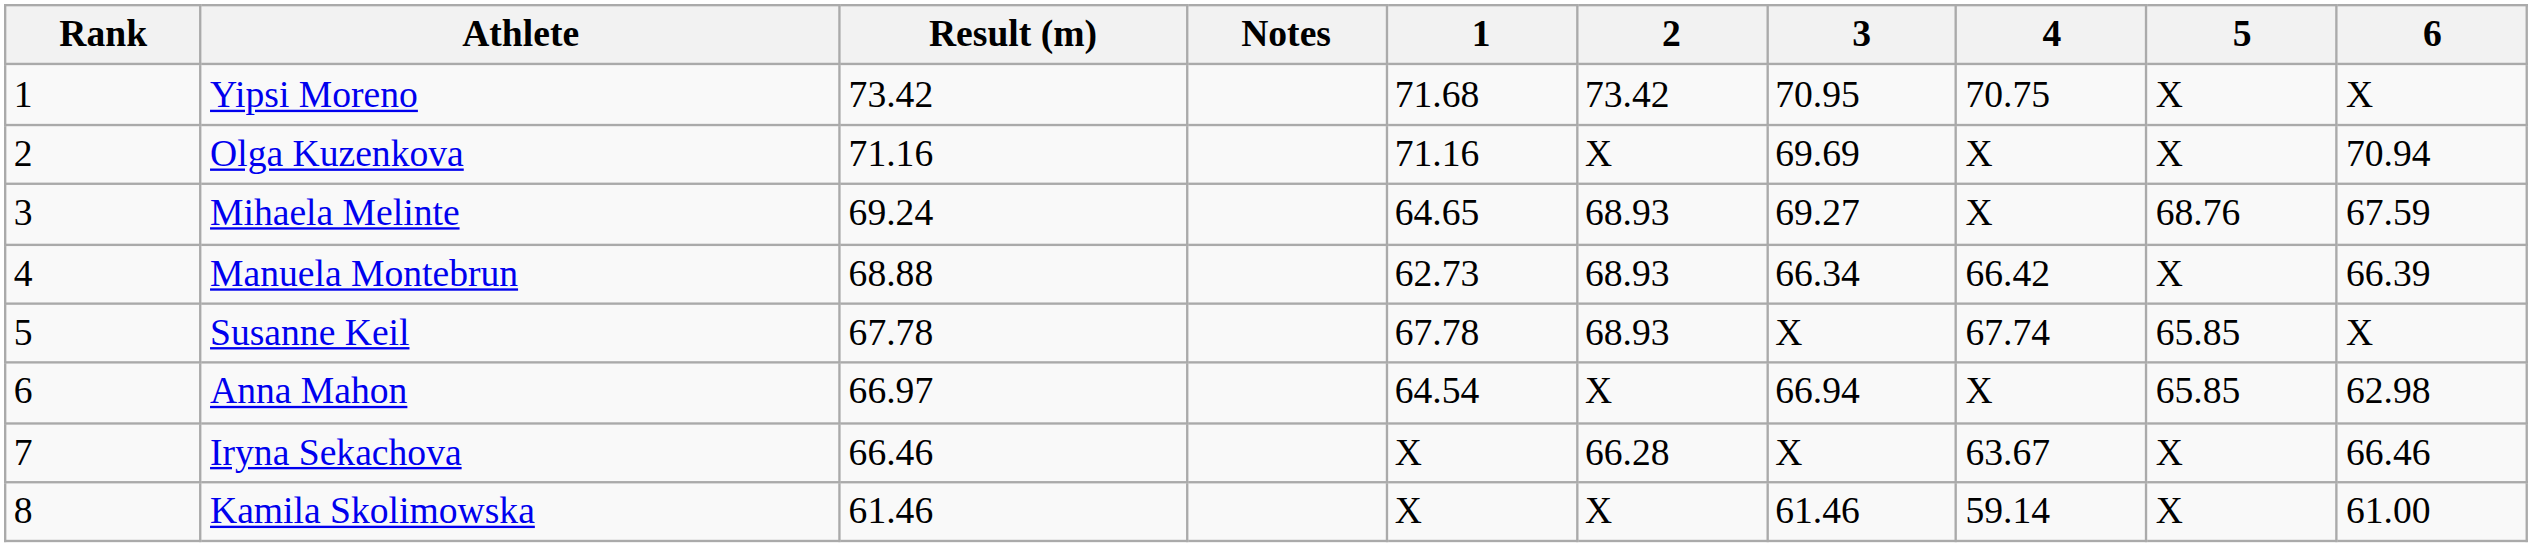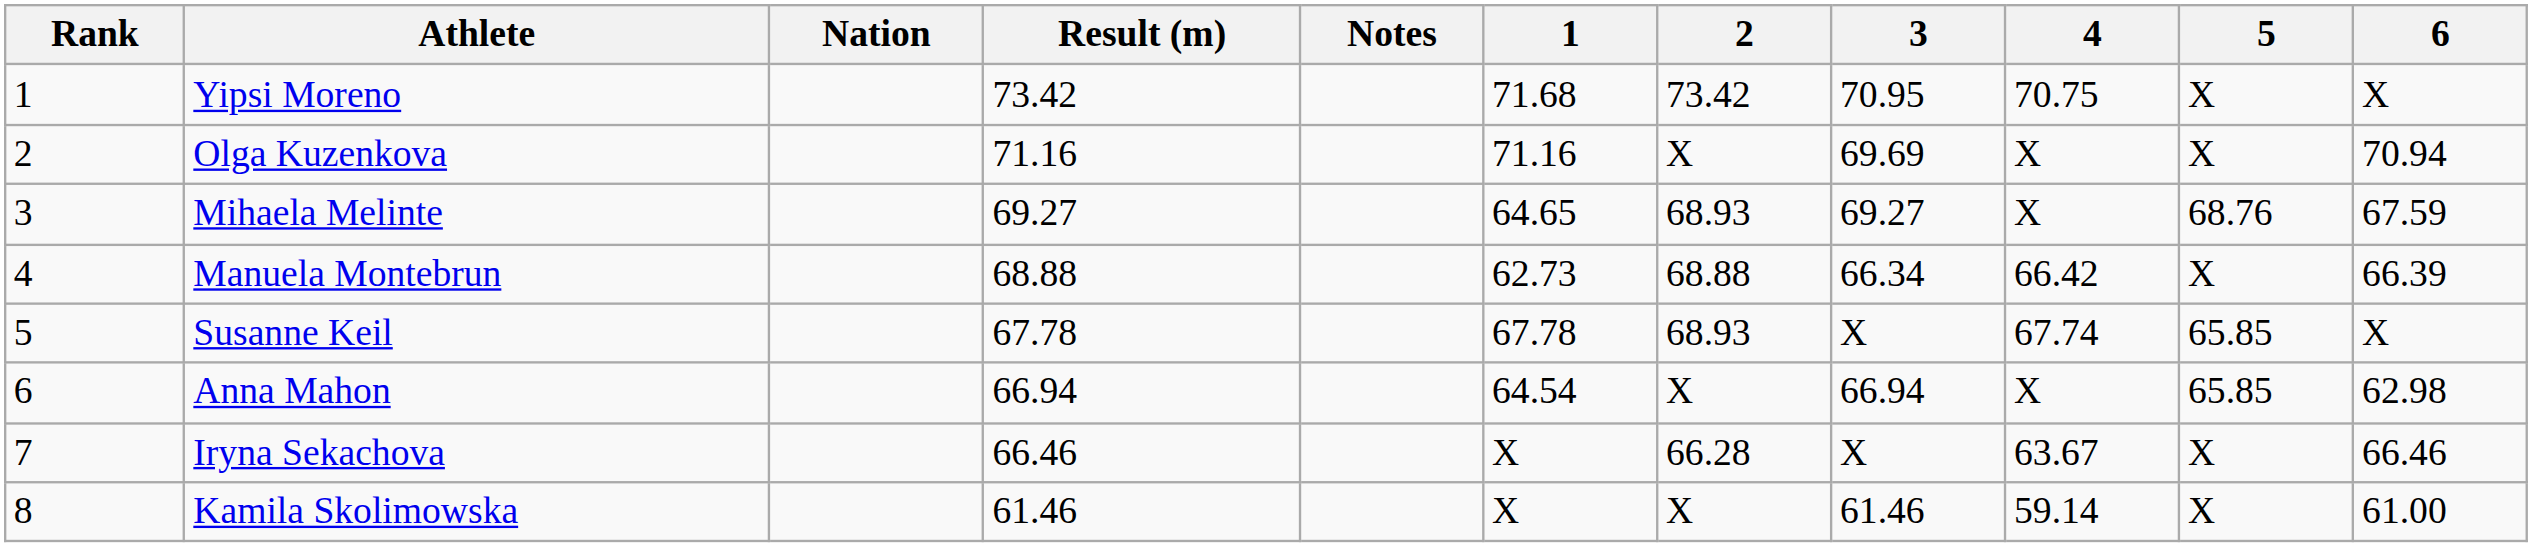 <table class="wikitable" style="text=align:center;" width=85%>
 <tr>
 <th>Rank</th>
 <th>Athlete</th>
+<th>Nation</th>
 <th>Result (m)</th>
 <th>Notes</th>
 <th>1</th>
 <th>2</th>
 <th>3</th>
 <th>4</th>
 <th>5</th>
 <th>6</th>
 </tr>
 <tr>
 <td>1</td>
 <td><a href='#'>Yipsi Moreno</a></td>
+<td></td>
 <td>73.42</td>
 <td></td>
 <td>71.68</td>
 <td>73.42</td>
 <td>70.95</td>
 <td>70.75</td>
 <td>X</td>
 <td>X</td>
 </tr>
 <tr>
 <td>2</td>
 <td><a href='#'>Olga Kuzenkova</a></td>
+<td></td>
 <td>71.16</td>
 <td></td>
 <td>71.16</td>
 <td>X</td>
 <td>69.69</td>
 <td>X</td>
 <td>X</td>
 <td>70.94</td>
 </tr>
 <tr>
 <td>3</td>
 <td><a href='#'>Mihaela Melinte</a></td>
-<td>69.24</td>
+<td></td>
+<td>69.27</td>
 <td></td>
 <td>64.65</td>
 <td>68.93</td>
 <td>69.27</td>
 <td>X</td>
 <td>68.76</td>
 <td>67.59</td>
 </tr>
 <tr>
 <td>4</td>
 <td><a href='#'>Manuela Montebrun</a></td>
+<td></td>
 <td>68.88</td>
 <td></td>
 <td>62.73</td>
-<td>68.93</td>
+<td>68.88</td>
 <td>66.34</td>
 <td>66.42</td>
 <td>X</td>
 <td>66.39</td>
 </tr>
 <tr>
 <td>5</td>
 <td><a href='#'>Susanne Keil</a></td>
+<td></td>
 <td>67.78</td>
 <td></td>
 <td>67.78</td>
 <td>68.93</td>
 <td>X</td>
 <td>67.74</td>
 <td>65.85</td>
 <td>X</td>
 </tr>
 <tr>
 <td>6</td>
 <td><a href='#'>Anna Mahon</a></td>
-<td>66.97</td>
+<td></td>
+<td>66.94</td>
 <td></td>
 <td>64.54</td>
 <td>X</td>
 <td>66.94</td>
 <td>X</td>
 <td>65.85</td>
 <td>62.98</td>
 </tr>
 <tr>
 <td>7</td>
 <td><a href='#'>Iryna Sekachova</a></td>
+<td></td>
 <td>66.46</td>
 <td></td>
 <td>X</td>
 <td>66.28</td>
 <td>X</td>
 <td>63.67</td>
 <td>X</td>
 <td>66.46</td>
 </tr>
 <tr>
 <td>8</td>
 <td><a href='#'>Kamila Skolimowska</a></td>
+<td></td>
 <td>61.46</td>
 <td></td>
 <td>X</td>
 <td>X</td>
 <td>61.46</td>
 <td>59.14</td>
 <td>X</td>
 <td>61.00</td>
 </tr>
 </table>
